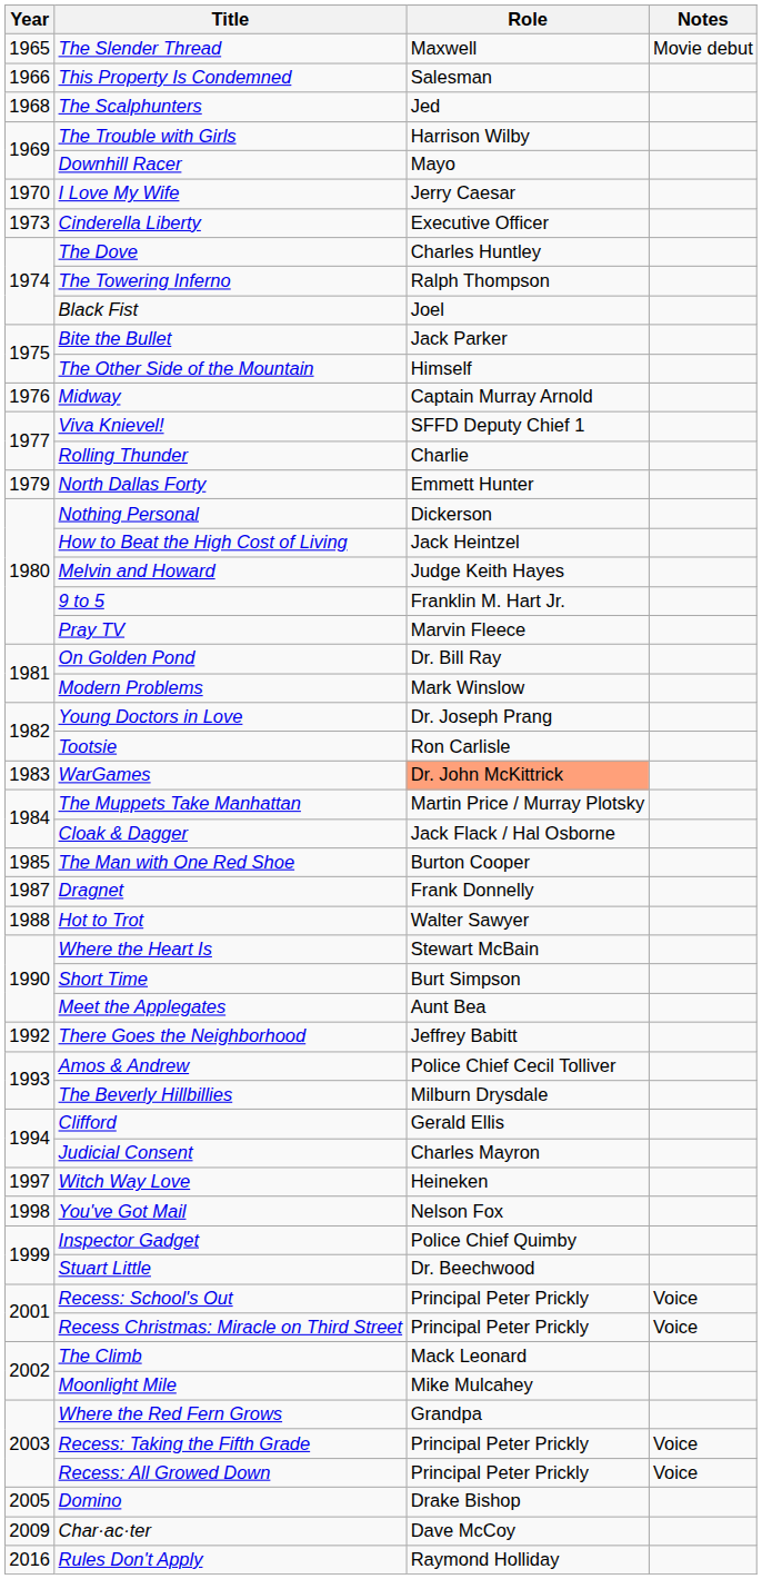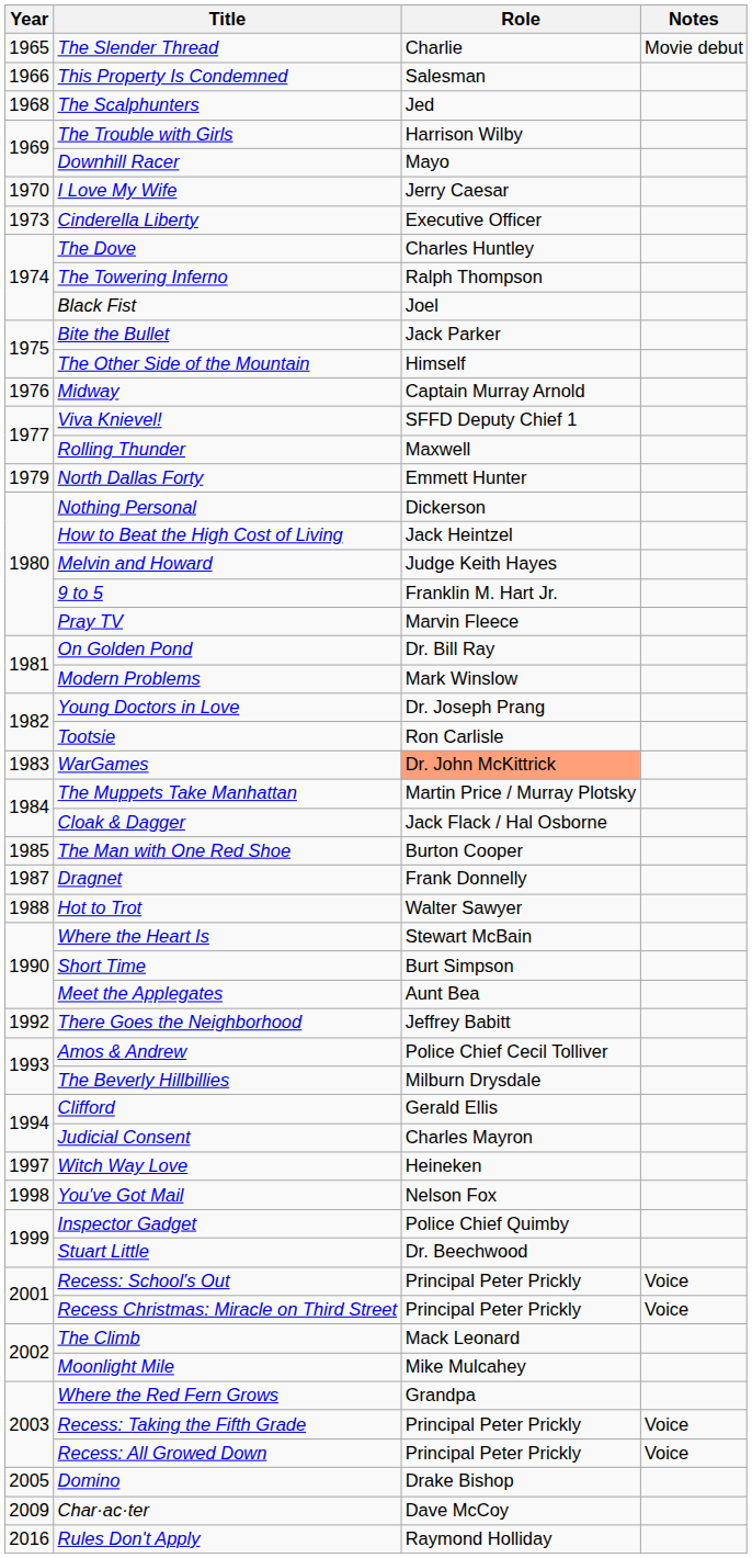 <table class="wikitable sortable">
 <tr>
 <th>Year</th>
 <th>Title</th>
 <th>Role</th>
 <th class="unsortable">Notes</th>
 </tr>
 <tr>
 <td>1965</td>
 <td data-sort-value="Slender Thread, The"><em><a href='#'>The Slender Thread</a></em></td>
-<td>Maxwell</td>
+<td>Charlie</td>
 <td>Movie debut</td>
 </tr>
 <tr>
 <td>1966</td>
 <td><em><a href='#'>This Property Is Condemned</a></em></td>
 <td>Salesman</td>
 <td></td>
 </tr>
 <tr>
 <td>1968</td>
 <td data-sort-value="Scalphunters, The"><em><a href='#'>The Scalphunters</a></em></td>
 <td>Jed</td>
 <td></td>
 </tr>
 <tr>
 <td rowspan="2">1969</td>
 <td data-sort-value="Trouble with Girls, The"><em><a href='#'>The Trouble with Girls</a></em></td>
 <td>Harrison Wilby</td>
 <td></td>
 </tr>
 <tr>
 <td><em><a href='#'>Downhill Racer</a></em></td>
 <td>Mayo</td>
 <td></td>
 </tr>
 <tr>
 <td>1970</td>
 <td><em><a href='#'>I Love My Wife</a></em></td>
 <td>Jerry Caesar</td>
 <td></td>
 </tr>
 <tr>
 <td>1973</td>
 <td><em><a href='#'>Cinderella Liberty</a></em></td>
 <td>Executive Officer</td>
 <td></td>
 </tr>
 <tr>
 <td rowspan="3">1974</td>
 <td data-sort-value="Dove, The"><em><a href='#'>The Dove</a></em></td>
 <td>Charles Huntley</td>
 <td></td>
 </tr>
 <tr>
 <td data-sort-value="Towering Inferno, The"><em><a href='#'>The Towering Inferno</a></em></td>
 <td>Ralph Thompson</td>
 <td></td>
 </tr>
 <tr>
 <td><em>Black Fist</em></td>
 <td>Joel</td>
 <td></td>
 </tr>
 <tr>
 <td rowspan="2">1975</td>
 <td><em><a href='#'>Bite the Bullet</a></em></td>
 <td>Jack Parker</td>
 <td></td>
 </tr>
 <tr>
 <td data-sort-value="Other Side of the Mountain, The"><em><a href='#'>The Other Side of the Mountain</a></em></td>
 <td>Himself</td>
 <td></td>
 </tr>
 <tr>
 <td>1976</td>
 <td><em><a href='#'>Midway</a></em></td>
 <td>Captain Murray Arnold</td>
 <td></td>
 </tr>
 <tr>
 <td rowspan="2">1977</td>
 <td><em><a href='#'>Viva Knievel!</a></em></td>
 <td>SFFD Deputy Chief 1</td>
 <td></td>
 </tr>
 <tr>
 <td><em><a href='#'>Rolling Thunder</a></em></td>
-<td>Charlie</td>
+<td>Maxwell</td>
 <td></td>
 </tr>
 <tr>
 <td>1979</td>
 <td><em><a href='#'>North Dallas Forty</a></em></td>
 <td>Emmett Hunter</td>
 <td></td>
 </tr>
 <tr>
 <td rowspan="5">1980</td>
 <td><em><a href='#'>Nothing Personal</a></em></td>
 <td>Dickerson</td>
 <td></td>
 </tr>
 <tr>
 <td><em><a href='#'>How to Beat the High Cost of Living</a></em></td>
 <td>Jack Heintzel</td>
 <td></td>
 </tr>
 <tr>
 <td><em><a href='#'>Melvin and Howard</a></em></td>
 <td>Judge Keith Hayes</td>
 <td></td>
 </tr>
 <tr>
 <td><em><a href='#'>9 to 5</a></em></td>
 <td>Franklin M. Hart Jr.</td>
 <td></td>
 </tr>
 <tr>
 <td><em><a href='#'>Pray TV</a></em></td>
 <td>Marvin Fleece</td>
 <td></td>
 </tr>
 <tr>
 <td rowspan="2">1981</td>
 <td><em><a href='#'>On Golden Pond</a></em></td>
 <td>Dr. Bill Ray</td>
 <td></td>
 </tr>
 <tr>
 <td><em><a href='#'>Modern Problems</a></em></td>
 <td>Mark Winslow</td>
 <td></td>
 </tr>
 <tr>
 <td rowspan="2">1982</td>
 <td><em><a href='#'>Young Doctors in Love</a></em></td>
 <td>Dr. Joseph Prang</td>
 <td></td>
 </tr>
 <tr>
 <td><em><a href='#'>Tootsie</a></em></td>
 <td>Ron Carlisle</td>
 <td></td>
 </tr>
 <tr>
 <td>1983</td>
 <td><em><a href='#'>WarGames</a></em></td>
 <td style="background: lightsalmon;">Dr. John McKittrick</td>
 <td></td>
 </tr>
 <tr>
 <td rowspan="2">1984</td>
 <td data-sort-value="Muppets Take Manhattan, The"><em><a href='#'>The Muppets Take Manhattan</a></em></td>
 <td>Martin Price / Murray Plotsky</td>
 <td></td>
 </tr>
 <tr>
 <td><em><a href='#'>Cloak & Dagger</a></em></td>
 <td>Jack Flack / Hal Osborne</td>
 <td></td>
 </tr>
 <tr>
 <td>1985</td>
 <td data-sort-value="Man with One Red Shoe, The"><em><a href='#'>The Man with One Red Shoe</a></em></td>
 <td>Burton Cooper</td>
 <td></td>
 </tr>
 <tr>
 <td>1987</td>
 <td><em><a href='#'>Dragnet</a></em></td>
 <td>Frank Donnelly</td>
 <td></td>
 </tr>
 <tr>
 <td>1988</td>
 <td><em><a href='#'>Hot to Trot</a></em></td>
 <td>Walter Sawyer</td>
 <td></td>
 </tr>
 <tr>
 <td rowspan="3">1990</td>
 <td><em><a href='#'>Where the Heart Is</a></em></td>
 <td>Stewart McBain</td>
 <td></td>
 </tr>
 <tr>
 <td><em><a href='#'>Short Time</a></em></td>
 <td>Burt Simpson</td>
 <td></td>
 </tr>
 <tr>
 <td><em><a href='#'>Meet the Applegates</a></em></td>
 <td>Aunt Bea</td>
 <td></td>
 </tr>
 <tr>
 <td>1992</td>
 <td><em><a href='#'>There Goes the Neighborhood</a></em></td>
 <td>Jeffrey Babitt</td>
 <td></td>
 </tr>
 <tr>
 <td rowspan="2">1993</td>
 <td><em><a href='#'>Amos & Andrew</a></em></td>
 <td>Police Chief Cecil Tolliver</td>
 <td></td>
 </tr>
 <tr>
 <td data-sort-value="Beverly Hillbillies, The"><em><a href='#'>The Beverly Hillbillies</a></em></td>
 <td>Milburn Drysdale</td>
 <td></td>
 </tr>
 <tr>
 <td rowspan="2">1994</td>
 <td><em><a href='#'>Clifford</a></em></td>
 <td>Gerald Ellis</td>
 <td></td>
 </tr>
 <tr>
 <td><em><a href='#'>Judicial Consent</a></em></td>
 <td>Charles Mayron</td>
 <td></td>
 </tr>
 <tr>
 <td>1997</td>
 <td><em><a href='#'>Witch Way Love</a></em></td>
 <td>Heineken</td>
 <td></td>
 </tr>
 <tr>
 <td>1998</td>
 <td><em><a href='#'>You've Got Mail</a></em></td>
 <td>Nelson Fox</td>
 <td></td>
 </tr>
 <tr>
 <td rowspan="2">1999</td>
 <td><em><a href='#'>Inspector Gadget</a></em></td>
 <td>Police Chief Quimby</td>
 <td></td>
 </tr>
 <tr>
 <td><em><a href='#'>Stuart Little</a></em></td>
 <td>Dr. Beechwood</td>
 <td></td>
 </tr>
 <tr>
 <td rowspan="2">2001</td>
 <td><em><a href='#'>Recess: School's Out</a></em></td>
 <td>Principal Peter Prickly</td>
 <td>Voice</td>
 </tr>
 <tr>
 <td><em><a href='#'>Recess Christmas: Miracle on Third Street</a></em></td>
 <td>Principal Peter Prickly</td>
 <td>Voice</td>
 </tr>
 <tr>
 <td rowspan="2">2002</td>
 <td data-sort-value="Climb, The"><em><a href='#'>The Climb</a></em></td>
 <td>Mack Leonard</td>
 <td></td>
 </tr>
 <tr>
 <td><em><a href='#'>Moonlight Mile</a></em></td>
 <td>Mike Mulcahey</td>
 <td></td>
 </tr>
 <tr>
 <td rowspan="3">2003</td>
 <td><em><a href='#'>Where the Red Fern Grows</a></em></td>
 <td>Grandpa</td>
 <td></td>
 </tr>
 <tr>
 <td><em><a href='#'>Recess: Taking the Fifth Grade</a></em></td>
 <td>Principal Peter Prickly</td>
 <td>Voice</td>
 </tr>
 <tr>
 <td><em><a href='#'>Recess: All Growed Down</a></em></td>
 <td>Principal Peter Prickly</td>
 <td>Voice</td>
 </tr>
 <tr>
 <td>2005</td>
 <td><em><a href='#'>Domino</a></em></td>
 <td>Drake Bishop</td>
 <td></td>
 </tr>
 <tr>
 <td>2009</td>
 <td><em>Char·ac·ter</em></td>
 <td>Dave McCoy</td>
 <td></td>
 </tr>
 <tr>
 <td>2016</td>
 <td><em><a href='#'>Rules Don't Apply</a></em></td>
 <td>Raymond Holliday</td>
 <td></td>
 </tr>
 </table>
